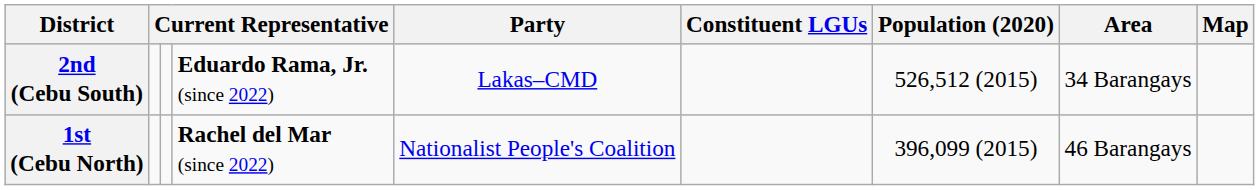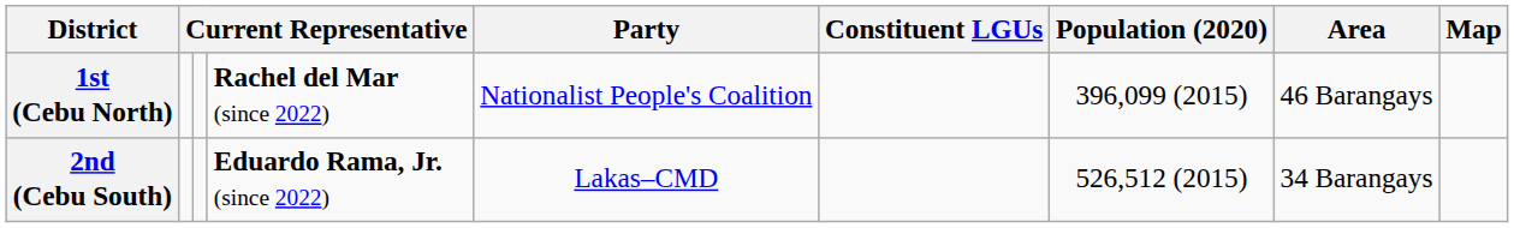 <table class="wikitable sortable" style="margin: 1em auto; font-size:100%; line-height:20px; text-align:center">
 <tr>
 <th>District</th>
 <th colspan="3">Current Representative</th>
 <th>Party</th>
 <th>Constituent <a href='#'>LGUs</a></th>
 <th>Population (2020)</th>
 <th>Area</th>
 <th>Map</th>
+</tr>
+<tr>
+<th><a href='#'>1st</a><br> (Cebu North)</th>
+<td style="background:"></td>
+<td></td>
+<td style="text-align:left;"><strong>Rachel del Mar</strong><br><small>(since <a href='#'>2022</a>)</small></td>
+<td><a href='#'>Nationalist People's Coalition</a></td>
+<td></td>
+<td>396,099 (2015)</td>
+<td>46 Barangays</td>
+<td></td>
 </tr>
 <tr>
 <th><a href='#'>2nd</a> <br> (Cebu South)</th>
 <td style="background:"></td>
 <td></td>
 <td style="text-align:left;"><strong>Eduardo Rama, Jr.</strong><br><small>(since <a href='#'>2022</a>)</small></td>
 <td><a href='#'>Lakas–CMD</a></td>
 <td></td>
 <td>526,512 (2015)</td>
 <td>34 Barangays</td>
 <td></td>
 </tr>
-<tr>
-<th><a href='#'>1st</a><br> (Cebu North)</th>
-<td style="background:"></td>
-<td></td>
-<td style="text-align:left;"><strong>Rachel del Mar</strong><br><small>(since <a href='#'>2022</a>)</small></td>
-<td><a href='#'>Nationalist People's Coalition</a></td>
-<td></td>
-<td>396,099 (2015)</td>
-<td>46 Barangays</td>
-<td></td>
-</tr>
 </table>
